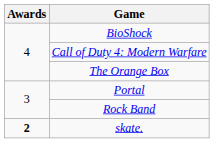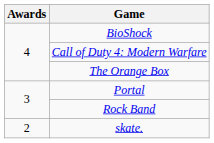 <table class="wikitable floatleft" rowspan="2" style="text-align:center;" background: #f6e39c;>
 <tr>
 <th scope="col">Awards</th>
 <th scope="col">Game</th>
 </tr>
 <tr>
 <td rowspan=3>4</td>
 <td><em><a href='#'>BioShock</a></em></td>
 </tr>
 <tr>
 <td><em><a href='#'>Call of Duty 4: Modern Warfare</a></em></td>
 </tr>
 <tr>
 <td><em><a href='#'>The Orange Box</a></em></td>
 </tr>
 <tr>
 <td rowspan=2>3</td>
 <td><em><a href='#'>Portal</a></em></td>
 </tr>
 <tr>
 <td><em><a href='#'>Rock Band</a></em></td>
 </tr>
 <tr>
-<td><strong>2</strong></td>
+<td>2</td>
 <td><em><a href='#'>skate.</a></em></td>
 </tr>
 </table>
